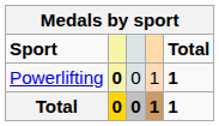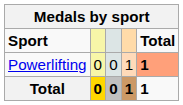 <table class="wikitable" style="font-size:95%; ">
 <tr>
 <th colspan="7"><strong>Medals by sport</strong></th>
 </tr>
 <tr>
 <td><strong>Sport</strong></td>
 <td bgcolor="F7F6A8"></td>
 <td bgcolor="DCE5E5"></td>
 <td bgcolor="FFDBA9"></td>
 <td><strong>Total</strong></td>
 </tr>
 <tr>
 <td><a href='#'>Powerlifting</a></td>
-<td bgcolor="F7F6A8"><strong>0</strong></td>
+<td bgcolor="F7F6A8">0</td>
 <td bgcolor="DCE5E5">0</td>
 <td bgcolor="FFDAB9">1</td>
-<td><strong>1</strong></td>
+<td style="background: lightsalmon;"><strong>1</strong></td>
 </tr>
 <tr>
 <th><strong>Total</strong></th>
 <td style="background:gold;"><strong>0</strong></td>
 <td style="background:silver;"><strong>0</strong></td>
 <td style="background:#c96;"><strong>1</strong></td>
 <td><strong>1</strong></td>
 </tr>
 </table>
